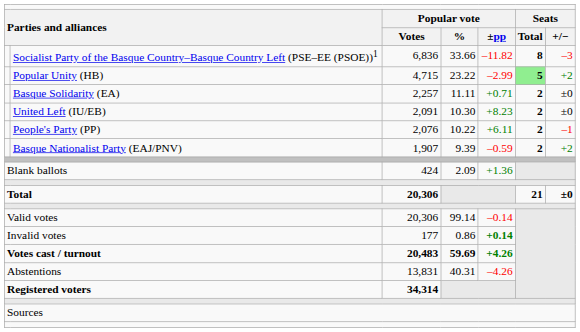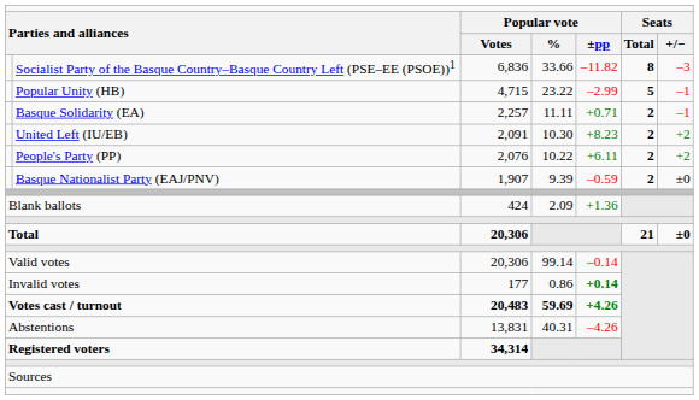 <table class="wikitable" style="text-align:right;">
 <tr>
 <td colspan="7"></td>
 </tr>
 <tr>
 <th style="text-align:left;" rowspan="2" colspan="2" width="525">Parties and alliances</th>
 <th colspan="3">Popular vote</th>
 <th colspan="2">Seats</th>
 </tr>
 <tr>
 <th width="75">Votes</th>
 <th width="45">%</th>
 <th width="45">±<a href='#'>pp</a></th>
 <th width="35">Total</th>
 <th width="35">+/−</th>
 </tr>
 <tr>
 <td width="1" style="color:inherit;background:"></td>
 <td align="left"><a href='#'>Socialist Party of the Basque Country–Basque Country Left</a> (PSE–EE (PSOE))<sup>1</sup></td>
 <td>6,836</td>
 <td>33.66</td>
 <td style="color:red;">–11.82</td>
 <td><strong>8</strong></td>
 <td style="color:red;">–3</td>
 </tr>
 <tr>
 <td style="color:inherit;background:"></td>
 <td align="left"><a href='#'>Popular Unity</a> (HB)</td>
 <td>4,715</td>
 <td>23.22</td>
 <td style="color:red;">–2.99</td>
-<td style="background: lightgreen;"><strong>5</strong></td>
-<td style="color:green;">+2</td>
+<td><strong>5</strong></td>
+<td style="color:red;">–1</td>
 </tr>
 <tr>
 <td style="color:inherit;background:"></td>
 <td align="left"><a href='#'>Basque Solidarity</a> (EA)</td>
 <td>2,257</td>
 <td>11.11</td>
 <td style="color:green;">+0.71</td>
 <td><strong>2</strong></td>
-<td>±0</td>
+<td style="color:red;">–1</td>
 </tr>
 <tr>
 <td style="color:inherit;background:"></td>
 <td align="left"><a href='#'>United Left</a> (IU/EB)</td>
 <td>2,091</td>
 <td>10.30</td>
 <td style="color:green;">+8.23</td>
 <td><strong>2</strong></td>
-<td>±0</td>
+<td style="color:green;">+2</td>
 </tr>
 <tr>
 <td style="color:inherit;background:"></td>
 <td align="left"><a href='#'>People's Party</a> (PP)</td>
 <td>2,076</td>
 <td>10.22</td>
 <td style="color:green;">+6.11</td>
 <td><strong>2</strong></td>
-<td style="color:red;">–1</td>
+<td style="color:green;">+2</td>
 </tr>
 <tr>
 <td style="color:inherit;background:"></td>
 <td align="left"><a href='#'>Basque Nationalist Party</a> (EAJ/PNV)</td>
 <td>1,907</td>
 <td>9.39</td>
 <td style="color:red;">–0.59</td>
 <td><strong>2</strong></td>
-<td style="color:green;">+2</td>
+<td>±0</td>
 </tr>
 <tr>
 <td colspan="7" bgcolor="#C0C0C0"></td>
 </tr>
 <tr>
 <td align="left" colspan="2">Blank ballots</td>
 <td>424</td>
 <td>2.09</td>
 <td style="color:green;">+1.36</td>
 <td bgcolor="#E9E9E9" colspan="2"></td>
 </tr>
 <tr>
 <td colspan="7" bgcolor="#E9E9E9"></td>
 </tr>
 <tr style="font-weight:bold;">
 <td align="left" colspan="2">Total</td>
 <td>20,306</td>
 <td bgcolor="#E9E9E9" colspan="2"></td>
 <td>21</td>
 <td>±0</td>
 </tr>
 <tr>
 <td colspan="7" bgcolor="#E9E9E9"></td>
 </tr>
 <tr>
 <td align="left" colspan="2">Valid votes</td>
 <td>20,306</td>
 <td>99.14</td>
 <td style="color:red;">–0.14</td>
 <td bgcolor="#E9E9E9" colspan="2" rowspan="5"></td>
 </tr>
 <tr>
 <td align="left" colspan="2">Invalid votes</td>
 <td>177</td>
 <td>0.86</td>
 <td style="color:green;"><strong>+0.14</strong></td>
 </tr>
 <tr style="font-weight:bold;">
 <td align="left" colspan="2">Votes cast / turnout</td>
 <td>20,483</td>
 <td>59.69</td>
 <td style="color:green;">+4.26</td>
 </tr>
 <tr>
 <td align="left" colspan="2">Abstentions</td>
 <td>13,831</td>
 <td>40.31</td>
 <td style="color:red;">–4.26</td>
 </tr>
 <tr style="font-weight:bold;">
 <td align="left" colspan="2">Registered voters</td>
 <td>34,314</td>
 <td bgcolor="#E9E9E9" colspan="2"></td>
 </tr>
 <tr>
 <td colspan="7" bgcolor="#E9E9E9"></td>
 </tr>
 <tr>
 <td align="left" colspan="7">Sources</td>
 </tr>
 <tr>
 <td colspan="7" style="text-align:left; max-width:790px;"></td>
 </tr>
 </table>
